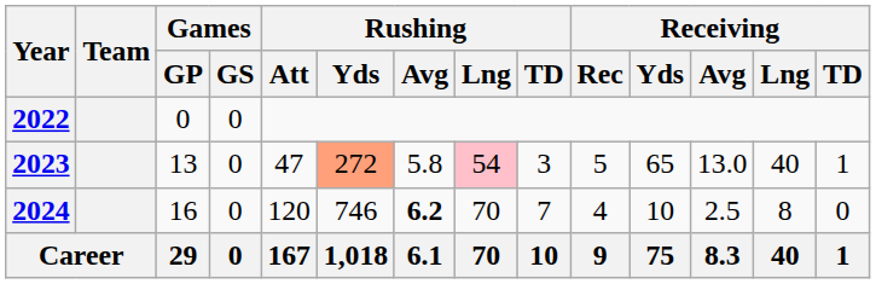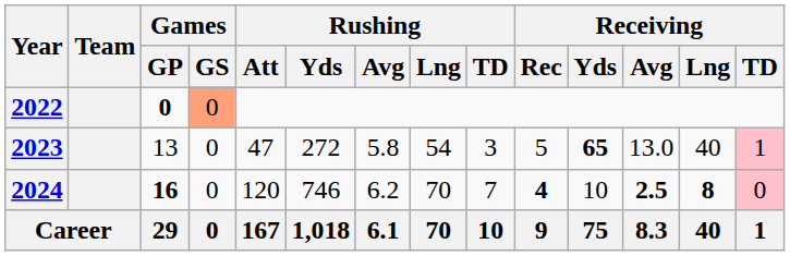 <table class="wikitable" style="text-align:center;">
 <tr>
 <th rowspan="2">Year</th>
 <th rowspan="2">Team</th>
 <th colspan="2">Games</th>
 <th colspan="5">Rushing</th>
 <th colspan="5">Receiving</th>
 </tr>
 <tr>
 <th>GP</th>
 <th>GS</th>
 <th>Att</th>
 <th>Yds</th>
 <th>Avg</th>
 <th>Lng</th>
 <th>TD</th>
 <th>Rec</th>
 <th>Yds</th>
 <th>Avg</th>
 <th>Lng</th>
 <th>TD</th>
 </tr>
 <tr>
 <th><a href='#'>2022</a></th>
 <th><a href='#'></a></th>
-<td>0</td>
-<td>0</td>
+<td><strong>0</strong></td>
+<td style="background: lightsalmon;">0</td>
 <td colspan="10"></td>
 </tr>
 <tr>
 <th><a href='#'>2023</a></th>
 <th><a href='#'></a></th>
 <td>13</td>
 <td>0</td>
 <td>47</td>
-<td style="background: lightsalmon;">272</td>
+<td>272</td>
 <td>5.8</td>
-<td style="background: pink;">54</td>
+<td>54</td>
 <td>3</td>
 <td>5</td>
-<td>65</td>
+<td><strong>65</strong></td>
 <td>13.0</td>
 <td>40</td>
-<td>1</td>
+<td style="background: pink;">1</td>
 </tr>
 <tr>
 <th><a href='#'>2024</a></th>
 <th><a href='#'></a></th>
-<td>16</td>
+<td><strong>16</strong></td>
 <td>0</td>
 <td>120</td>
 <td>746</td>
-<td><strong>6.2</strong></td>
+<td>6.2</td>
 <td>70</td>
 <td>7</td>
-<td>4</td>
+<td><strong>4</strong></td>
 <td>10</td>
-<td>2.5</td>
-<td>8</td>
-<td>0</td>
+<td><strong>2.5</strong></td>
+<td><strong>8</strong></td>
+<td style="background: pink;">0</td>
 </tr>
 <tr>
 <th align=center colspan="2">Career</th>
 <th>29</th>
 <th>0</th>
 <th>167</th>
 <th>1,018</th>
 <th>6.1</th>
 <th>70</th>
 <th>10</th>
 <th>9</th>
 <th>75</th>
 <th>8.3</th>
 <th>40</th>
 <th>1</th>
 </tr>
 </table>
